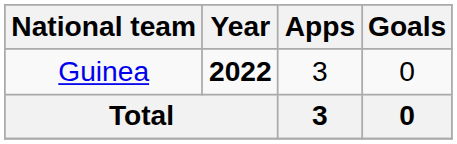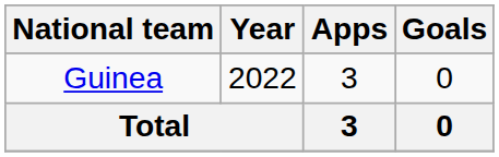 <table class="wikitable" style="text-align:center">
 <tr>
 <th>National team</th>
 <th>Year</th>
 <th>Apps</th>
 <th>Goals</th>
 </tr>
 <tr>
 <td rowspan="1"><a href='#'>Guinea</a></td>
-<td><strong>2022</strong></td>
+<td>2022</td>
 <td>3</td>
 <td>0</td>
 </tr>
 <tr>
 <th colspan="2">Total</th>
 <th>3</th>
 <th>0</th>
 </tr>
 <tr>
 </tr>
 </table>
